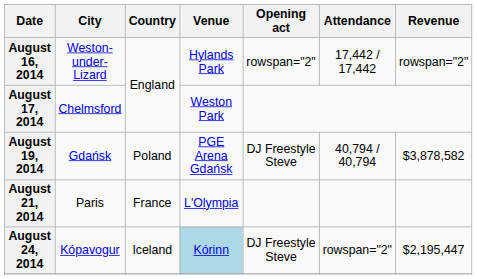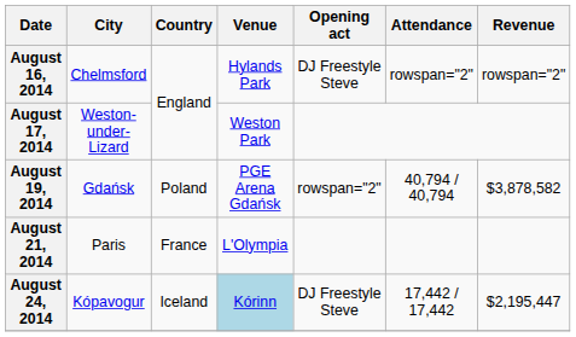 <table class="wikitable plainrowheaders" style="text-align:center;">
 <tr>
 <th scope="col" style="width:12em;">Date</th>
 <th scope="col" style="width:10em;">City</th>
 <th scope="col" style="width:10em;">Country</th>
 <th scope="col" style="width:16em;">Venue</th>
 <th scope="col" style="width:10em;">Opening act</th>
 <th scope="col" style="width:10em;">Attendance</th>
 <th scope="col" style="width:10em;">Revenue</th>
 </tr>
 <tr>
 <th scope="row">August 16, 2014</th>
-<td><a href='#'>Weston-under-Lizard</a></td>
+<td><a href='#'>Chelmsford</a></td>
 <td rowspan="2">England</td>
 <td><a href='#'>Hylands Park</a></td>
+<td>DJ Freestyle Steve</td>
 <td>rowspan="2" </td>
-<td>17,442 / 17,442</td>
 <td>rowspan="2" </td>
 </tr>
 <tr>
 <th scope="row">August 17, 2014</th>
-<td><a href='#'>Chelmsford</a></td>
+<td><a href='#'>Weston-under-Lizard</a></td>
 <td><a href='#'>Weston Park</a></td>
 </tr>
 <tr>
 <th scope="row">August 19, 2014</th>
 <td><a href='#'>Gdańsk</a></td>
 <td>Poland</td>
 <td><a href='#'>PGE Arena Gdańsk</a></td>
-<td>DJ Freestyle Steve</td>
+<td>rowspan="2" </td>
 <td>40,794 / 40,794</td>
 <td>$3,878,582</td>
 </tr>
 <tr>
 <th scope="row">August 21, 2014</th>
 <td>Paris</td>
 <td>France</td>
 <td><a href='#'>L'Olympia</a></td>
 <td></td>
 <td></td>
 <td></td>
 </tr>
 <tr>
 <th scope="row">August 24, 2014</th>
 <td><a href='#'>Kópavogur</a></td>
 <td>Iceland</td>
 <td style="background: lightblue;"><a href='#'>Kórinn</a></td>
 <td>DJ Freestyle Steve</td>
-<td>rowspan="2" </td>
+<td>17,442 / 17,442</td>
 <td>$2,195,447</td>
 </tr>
 <tr>
 </tr>
 </table>
